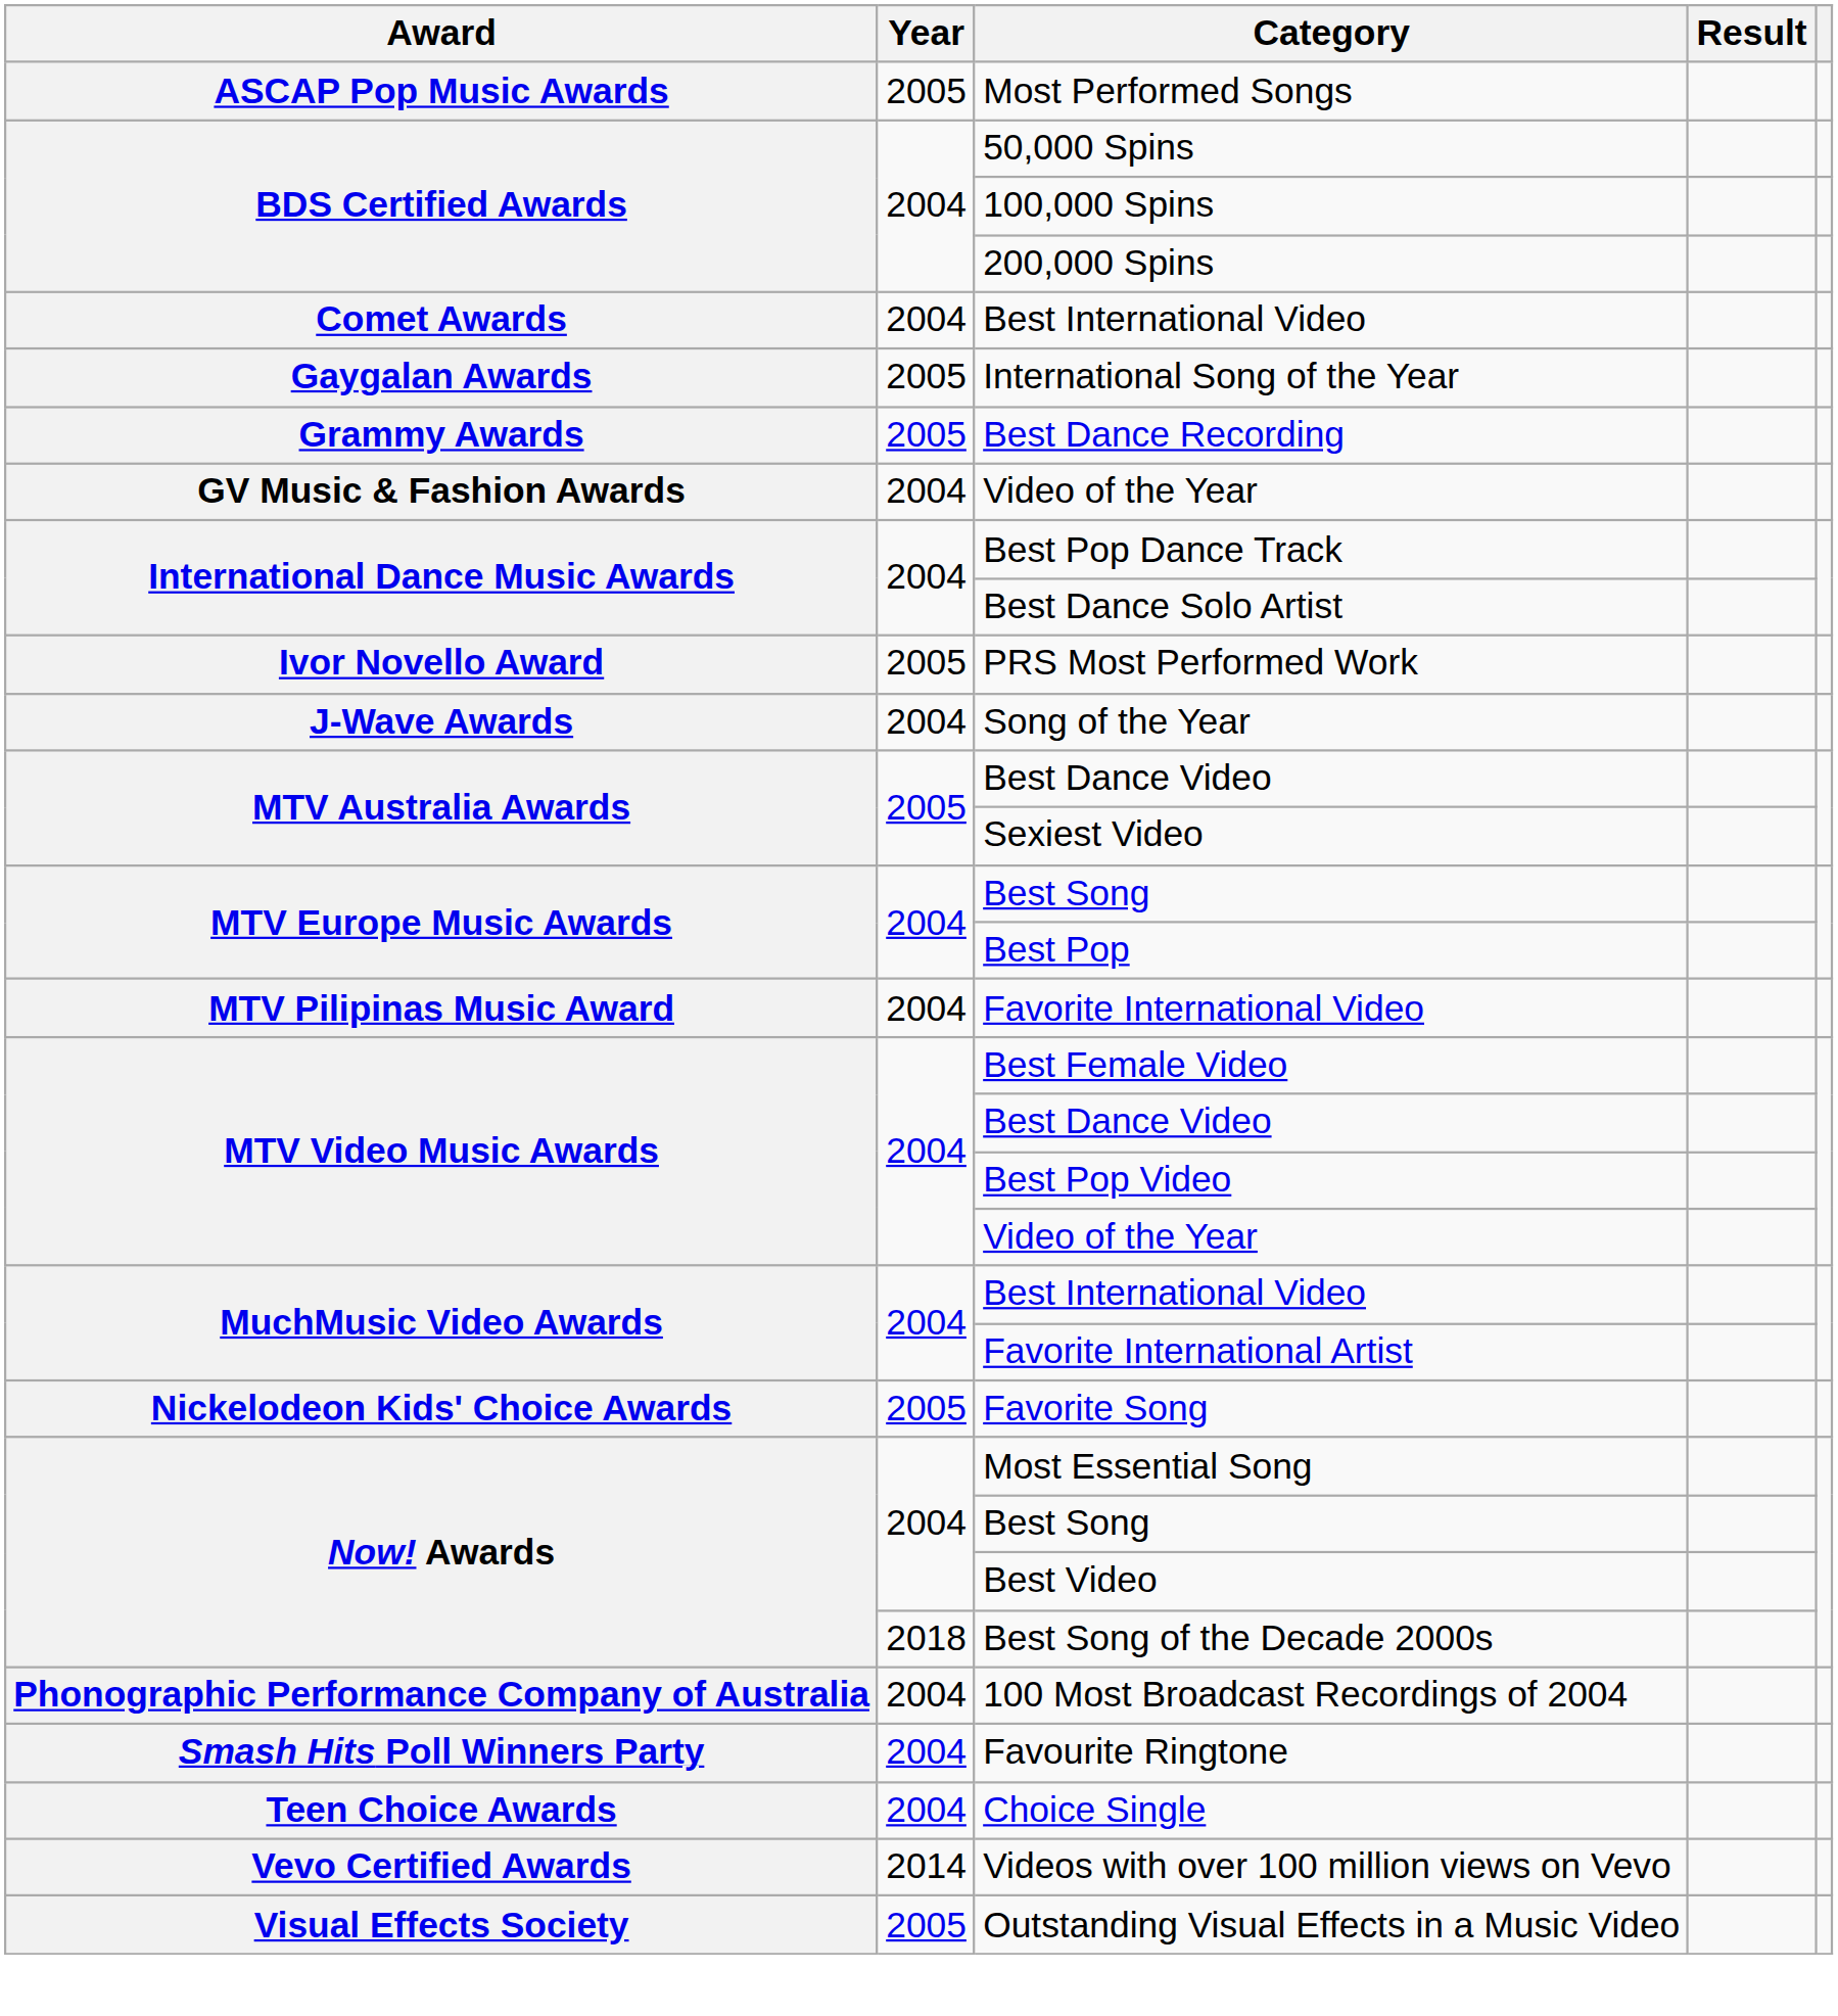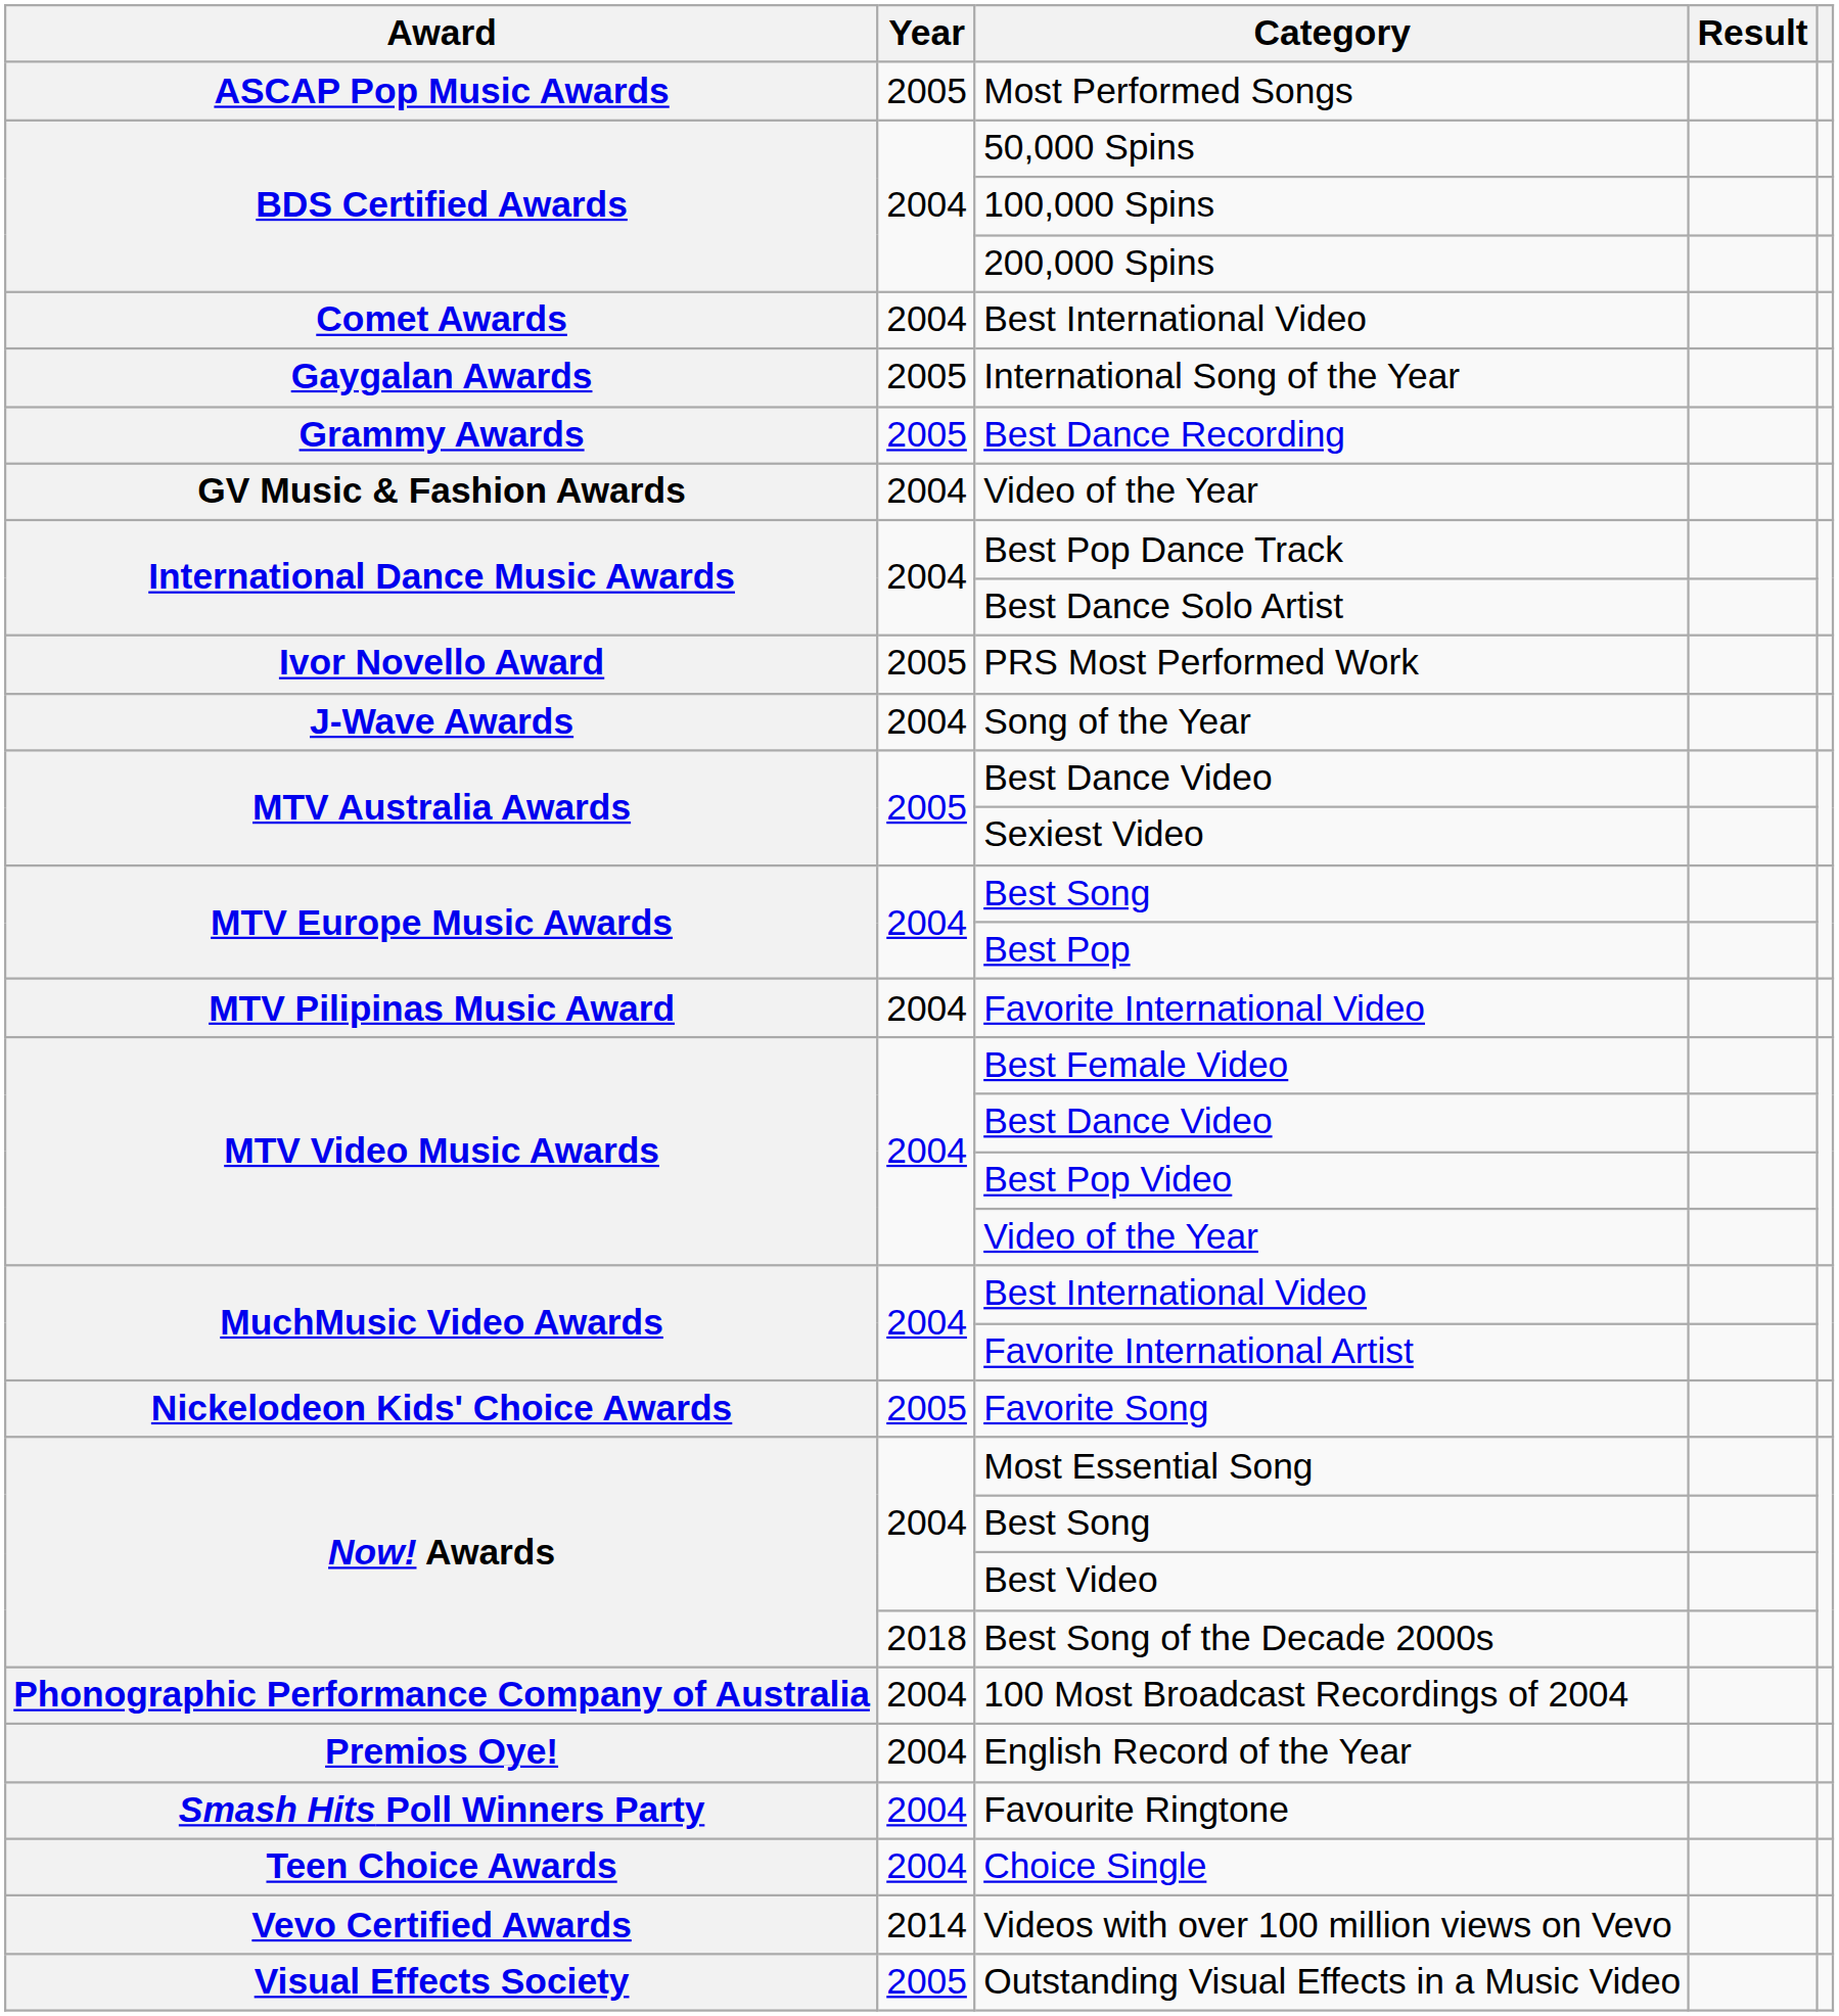 <table class="wikitable sortable plainrowheaders">
 <tr>
 <th scope="col">Award</th>
 <th scope="col">Year</th>
 <th scope="col">Category</th>
 <th scope="col">Result</th>
 <th scope="col" class="unsortable"></th>
 </tr>
 <tr>
 <th scope="row"><a href='#'>ASCAP Pop Music Awards</a></th>
 <td style="text-align:center;">2005</td>
 <td>Most Performed Songs</td>
 <td></td>
 <td style="text-align:center;"></td>
 </tr>
 <tr>
 <th scope="row" rowspan="3"><a href='#'>BDS Certified Awards</a></th>
 <td rowspan="3" style="text-align:center;">2004</td>
 <td>50,000 Spins</td>
 <td></td>
 <td style="text-align:center;"></td>
 </tr>
 <tr>
 <td>100,000 Spins</td>
 <td></td>
 <td style="text-align:center;"></td>
 </tr>
 <tr>
 <td>200,000 Spins</td>
 <td></td>
 <td style="text-align:center;"></td>
 </tr>
 <tr>
 <th scope="row"><a href='#'>Comet Awards</a></th>
 <td style="text-align:center;">2004</td>
 <td>Best International Video</td>
 <td></td>
 <td style="text-align:center;"></td>
 </tr>
 <tr>
 <th scope="row"><a href='#'>Gaygalan Awards</a></th>
 <td style="text-align:center;">2005</td>
 <td>International Song of the Year</td>
 <td></td>
 <td style="text-align:center;"></td>
 </tr>
 <tr>
 <th scope="row"><a href='#'>Grammy Awards</a></th>
 <td style="text-align:center;"><a href='#'>2005</a></td>
 <td><a href='#'>Best Dance Recording</a></td>
 <td></td>
 <td style="text-align:center;"></td>
 </tr>
 <tr>
 <th scope="row">GV Music & Fashion Awards</th>
 <td style="text-align:center;">2004</td>
 <td>Video of the Year</td>
 <td></td>
 <td style="text-align:center;"><br></td>
 </tr>
 <tr>
 <th scope="row" rowspan="2"><a href='#'>International Dance Music Awards</a></th>
 <td rowspan="2" style="text-align:center;">2004</td>
 <td>Best Pop Dance Track</td>
 <td></td>
 <td rowspan="2" style="text-align:center;"></td>
 </tr>
 <tr>
 <td>Best Dance Solo Artist</td>
 <td></td>
 </tr>
 <tr>
 <th scope="row"><a href='#'>Ivor Novello Award</a></th>
 <td style="text-align:center;">2005</td>
 <td>PRS Most Performed Work</td>
 <td></td>
 <td style="text-align:center;"></td>
 </tr>
 <tr>
 <th scope="row"><a href='#'>J-Wave Awards</a></th>
 <td style="text-align:center;">2004</td>
 <td>Song of the Year</td>
 <td></td>
 <td style="text-align:center;"></td>
 </tr>
 <tr>
 <th scope="row" rowspan="2"><a href='#'>MTV Australia Awards</a></th>
 <td rowspan="2" style="text-align:center;"><a href='#'>2005</a></td>
 <td>Best Dance Video</td>
 <td></td>
 <td rowspan="2" style="text-align:center;"></td>
 </tr>
 <tr>
 <td>Sexiest Video</td>
 <td></td>
 </tr>
 <tr>
 <th scope="row" rowspan="2"><a href='#'>MTV Europe Music Awards</a></th>
 <td rowspan="2" style="text-align:center;"><a href='#'>2004</a></td>
 <td><a href='#'>Best Song</a></td>
 <td></td>
 <td rowspan="2" style="text-align:center;"></td>
 </tr>
 <tr>
 <td><a href='#'>Best Pop</a></td>
 <td></td>
 </tr>
 <tr>
 <th scope="row"><a href='#'>MTV Pilipinas Music Award</a></th>
 <td style="text-align:center;">2004</td>
 <td><a href='#'>Favorite International Video</a></td>
 <td></td>
 <td align="center"></td>
 </tr>
 <tr>
 <th scope="row" rowspan="4"><a href='#'>MTV Video Music Awards</a></th>
 <td rowspan="4" style="text-align:center;"><a href='#'>2004</a></td>
 <td><a href='#'>Best Female Video</a></td>
 <td></td>
 <td rowspan="4" style="text-align:center;"></td>
 </tr>
 <tr>
 <td><a href='#'>Best Dance Video</a></td>
 <td></td>
 </tr>
 <tr>
 <td><a href='#'>Best Pop Video</a></td>
 <td></td>
 </tr>
 <tr>
 <td><a href='#'>Video of the Year</a></td>
 <td></td>
 </tr>
 <tr>
 <th scope="row" rowspan="2"><a href='#'>MuchMusic Video Awards</a></th>
 <td rowspan="2" style="text-align:center;"><a href='#'>2004</a></td>
 <td><a href='#'>Best International Video</a></td>
 <td></td>
 <td rowspan="2" style="text-align:center;"></td>
 </tr>
 <tr>
 <td><a href='#'>Favorite International Artist</a></td>
 <td></td>
 </tr>
 <tr>
 <th scope="row"><a href='#'>Nickelodeon Kids' Choice Awards</a></th>
 <td style="text-align:center;"><a href='#'>2005</a></td>
 <td><a href='#'>Favorite Song</a></td>
 <td></td>
 <td style="text-align:center;"></td>
 </tr>
 <tr>
 <th scope="row" rowspan="4"><em><a href='#'>Now!</a></em> Awards</th>
 <td rowspan="3" style="text-align:center;">2004</td>
 <td>Most Essential Song</td>
 <td></td>
 <td rowspan="4" style="text-align:center;"><br><br><br></td>
 </tr>
 <tr>
 <td>Best Song</td>
 <td></td>
 </tr>
 <tr>
 <td>Best Video</td>
 <td></td>
 </tr>
 <tr>
 <td style="text-align:center;">2018</td>
 <td>Best Song of the Decade 2000s</td>
 <td></td>
 </tr>
 <tr>
 <th scope="row"><a href='#'>Phonographic Performance Company of Australia</a></th>
 <td style="text-align:center;">2004</td>
 <td>100 Most Broadcast Recordings of 2004</td>
 <td></td>
 <td style="text-align:center;"></td>
 </tr>
 <tr>
+<th scope="row"><a href='#'>Premios Oye!</a></th>
+<td style="text-align:center;">2004</td>
+<td>English Record of the Year</td>
+<td></td>
+<td style="text-align:center;"></td>
+</tr>
+<tr>
 <th scope="row"><a href='#'><em>Smash Hits</em> Poll Winners Party</a></th>
 <td style="text-align:center;"><a href='#'>2004</a></td>
 <td>Favourite Ringtone</td>
 <td></td>
 <td style="text-align:center;"></td>
 </tr>
 <tr>
 <th scope="row"><a href='#'>Teen Choice Awards</a></th>
 <td style="text-align:center;"><a href='#'>2004</a></td>
 <td><a href='#'>Choice Single</a></td>
 <td></td>
 <td style="text-align:center;"><br></td>
 </tr>
 <tr>
 <th scope="row"><a href='#'>Vevo Certified Awards</a></th>
 <td style="text-align:center;">2014</td>
 <td>Videos with over 100 million views on Vevo</td>
 <td></td>
 <td style="text-align:center;"></td>
 </tr>
 <tr>
 <th scope="row"><a href='#'>Visual Effects Society</a></th>
 <td style="text-align:center;"><a href='#'>2005</a></td>
 <td>Outstanding Visual Effects in a Music Video</td>
 <td></td>
 <td style="text-align:center;"></td>
 </tr>
 </table>
